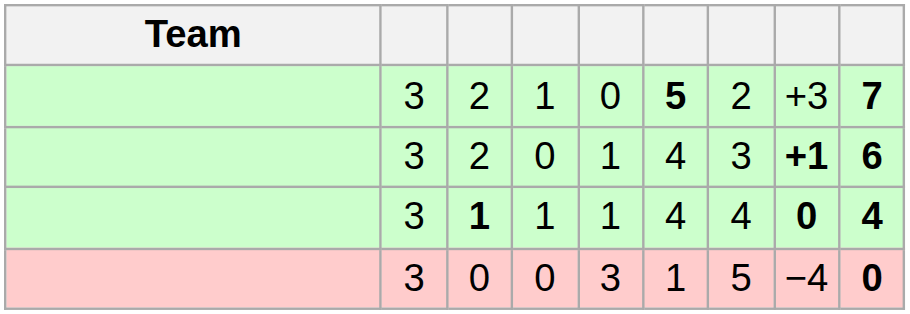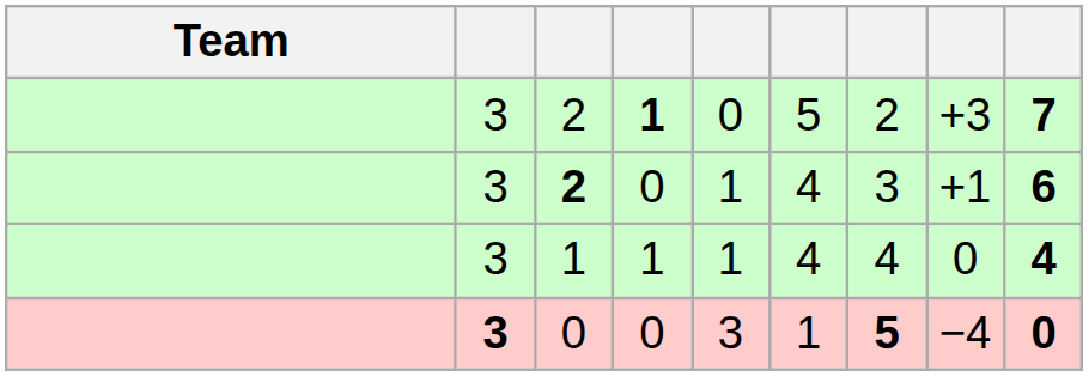 <table class="wikitable" style="text-align:center;">
 <tr>
 <th width=150>Team</th>
 <th width=20 abbr="Played"></th>
 <th width=20 abbr="Won"></th>
 <th width=20 abbr="Drawn"></th>
 <th width=20 abbr="Lost"></th>
 <th width=20 abbr="Goals for"></th>
 <th width=20 abbr="Goals against"></th>
 <th width=20 abbr="Goal difference"></th>
 <th width=20 abbr="Points"></th>
 </tr>
 <tr bgcolor="ccffcc">
 <td align="left"></td>
 <td>3</td>
 <td>2</td>
-<td>1</td>
+<td><strong>1</strong></td>
 <td>0</td>
-<td><strong>5</strong></td>
+<td>5</td>
 <td>2</td>
 <td>+3</td>
 <td><strong>7</strong></td>
 </tr>
 <tr bgcolor="ccffcc">
 <td align="left"></td>
 <td>3</td>
-<td>2</td>
+<td><strong>2</strong></td>
 <td>0</td>
 <td>1</td>
 <td>4</td>
 <td>3</td>
-<td><strong>+1</strong></td>
+<td>+1</td>
 <td><strong>6</strong></td>
 </tr>
 <tr bgcolor="ccffcc">
 <td align="left"></td>
 <td>3</td>
-<td><strong>1</strong></td>
+<td>1</td>
 <td>1</td>
 <td>1</td>
 <td>4</td>
 <td>4</td>
-<td><strong>0</strong></td>
+<td>0</td>
 <td><strong>4</strong></td>
 </tr>
 <tr bgcolor="#ffcccc">
 <td align="left"></td>
-<td>3</td>
+<td><strong>3</strong></td>
 <td>0</td>
 <td>0</td>
 <td>3</td>
 <td>1</td>
-<td>5</td>
+<td><strong>5</strong></td>
 <td>−4</td>
 <td><strong>0</strong></td>
 </tr>
 </table>
